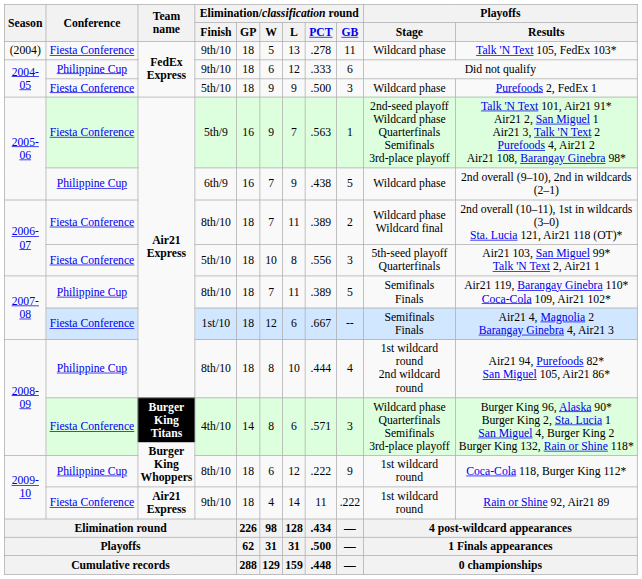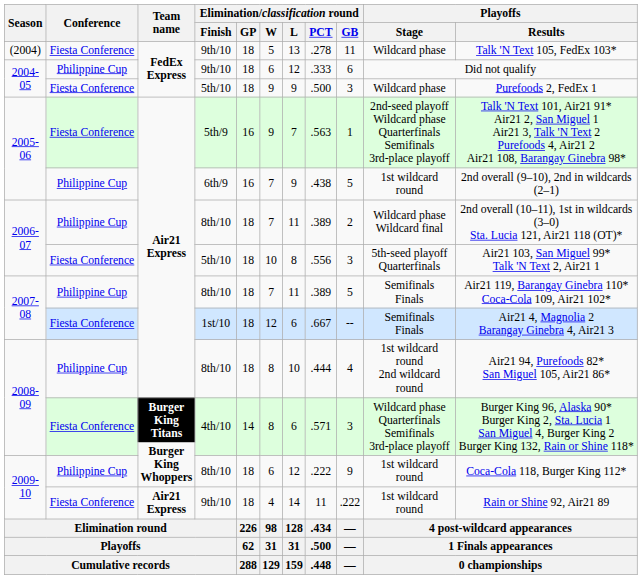 <table class=wikitable style="text-align:center;">
 <tr>
 <th width=50px rowspan=2>Season</th>
 <th width=120px rowspan=2>Conference</th>
 <th width=60px rowspan=2>Team name</th>
 <th colspan=6>Elimination/<em>classification</em> round</th>
 <th colspan=2>Playoffs</th>
 </tr>
 <tr>
 <th width=50px>Finish</th>
 <th width=20px>GP</th>
 <th width=20px>W</th>
 <th width=20px>L</th>
 <th width=35px><a href='#'>PCT</a></th>
 <th width=30px><a href='#'>GB</a></th>
 <th width=120px>Stage</th>
 <th width=250px>Results</th>
 </tr>
 <tr>
 <td>(2004)</td>
 <td><a href='#'>Fiesta Conference</a></td>
 <td rowspan=3><strong>FedEx Express</strong></td>
 <td>9th/10</td>
 <td>18</td>
 <td>5</td>
 <td>13</td>
 <td>.278</td>
 <td>11</td>
 <td>Wildcard phase</td>
 <td><a href='#'>Talk 'N Text</a> 105, FedEx 103*</td>
 </tr>
 <tr>
 <td rowspan=2><a href='#'>2004-05</a></td>
 <td><a href='#'>Philippine Cup</a></td>
 <td>9th/10</td>
 <td>18</td>
 <td>6</td>
 <td>12</td>
 <td>.333</td>
 <td>6</td>
 <td colspan=2>Did not qualify</td>
 </tr>
 <tr>
 <td><a href='#'>Fiesta Conference</a></td>
 <td>5th/10</td>
 <td>18</td>
 <td>9</td>
 <td>9</td>
 <td>.500</td>
 <td>3</td>
 <td>Wildcard phase</td>
 <td><a href='#'>Purefoods</a> 2, FedEx 1</td>
 </tr>
 <tr>
 <td rowspan=2><a href='#'>2005-06</a></td>
 <td bgcolor=#DDFFDD><a href='#'>Fiesta Conference</a></td>
 <td rowspan=7><strong>Air21 Express</strong></td>
 <td bgcolor=#DDFFDD>5th/9</td>
 <td bgcolor=#DDFFDD>16</td>
 <td bgcolor=#DDFFDD>9</td>
 <td bgcolor=#DDFFDD>7</td>
 <td bgcolor=#DDFFDD>.563</td>
 <td bgcolor=#DDFFDD>1</td>
 <td bgcolor=#DDFFDD>2nd-seed playoff<br>Wildcard phase<br>Quarterfinals<br>Semifinals<br>3rd-place playoff</td>
 <td bgcolor=#DDFFDD><a href='#'>Talk 'N Text</a> 101, Air21 91*<br>Air21 2, <a href='#'>San Miguel</a> 1<br>Air21 3, <a href='#'>Talk 'N Text</a> 2<br><a href='#'>Purefoods</a> 4, Air21 2<br>Air21 108, <a href='#'>Barangay Ginebra</a> 98*</td>
 </tr>
 <tr>
 <td><a href='#'>Philippine Cup</a></td>
 <td>6th/9</td>
 <td>16</td>
 <td>7</td>
 <td>9</td>
 <td>.438</td>
 <td>5</td>
-<td>Wildcard phase</td>
+<td>1st wildcard round</td>
 <td>2nd overall (9–10), 2nd in wildcards (2–1)</td>
 </tr>
 <tr>
 <td rowspan=2><a href='#'>2006-07</a></td>
-<td><a href='#'>Fiesta Conference</a></td>
+<td><a href='#'>Philippine Cup</a></td>
 <td>8th/10</td>
 <td>18</td>
 <td>7</td>
 <td>11</td>
 <td>.389</td>
 <td>2</td>
 <td>Wildcard phase<br>Wildcard final</td>
 <td>2nd overall (10–11), 1st in wildcards (3–0)<br><a href='#'>Sta. Lucia</a> 121, Air21 118 (OT)*</td>
 </tr>
 <tr>
 <td><a href='#'>Fiesta Conference</a></td>
 <td>5th/10</td>
 <td>18</td>
 <td>10</td>
 <td>8</td>
 <td>.556</td>
 <td>3</td>
 <td>5th-seed playoff<br>Quarterfinals</td>
 <td>Air21 103, <a href='#'>San Miguel</a> 99*<br><a href='#'>Talk 'N Text</a> 2, Air21 1</td>
 </tr>
 <tr>
 <td rowspan=2><a href='#'>2007-08</a></td>
 <td><a href='#'>Philippine Cup</a></td>
 <td>8th/10</td>
 <td>18</td>
 <td>7</td>
 <td>11</td>
 <td>.389</td>
 <td>5</td>
 <td>Semifinals<br>Finals</td>
 <td>Air21 119, <a href='#'>Barangay Ginebra</a> 110*<br><a href='#'>Coca-Cola</a> 109, Air21 102*</td>
 </tr>
 <tr bgcolor=#D0E7FF>
 <td><a href='#'>Fiesta Conference</a></td>
 <td>1st/10</td>
 <td>18</td>
 <td>12</td>
 <td>6</td>
 <td>.667</td>
 <td>--</td>
 <td>Semifinals<br>Finals</td>
 <td>Air21 4, <a href='#'>Magnolia</a> 2<br><a href='#'>Barangay Ginebra</a> 4, Air21 3</td>
 </tr>
 <tr>
 <td rowspan=3><a href='#'>2008-09</a></td>
 <td><a href='#'>Philippine Cup</a></td>
 <td>8th/10</td>
 <td>18</td>
 <td>8</td>
 <td>10</td>
 <td>.444</td>
 <td>4</td>
 <td>1st wildcard round<br>2nd wildcard round</td>
 <td>Air21 94, <a href='#'>Purefoods</a> 82*<br> <a href='#'>San Miguel</a> 105, Air21 86*</td>
 </tr>
 <tr>
 <td rowspan=2 bgcolor=#DDFFDD><a href='#'>Fiesta Conference</a></td>
 <td style="background:#000000; color:#FFFFFF; "><span><strong>Burger King Titans</strong></span></td>
 <td rowspan=2 bgcolor=#DDFFDD>4th/10</td>
 <td rowspan=2 bgcolor=#DDFFDD>14</td>
 <td rowspan=2 bgcolor=#DDFFDD>8</td>
 <td rowspan=2 bgcolor=#DDFFDD>6</td>
 <td rowspan=2 bgcolor=#DDFFDD>.571</td>
 <td rowspan=2 bgcolor=#DDFFDD>3</td>
 <td rowspan=2 bgcolor=#DDFFDD>Wildcard phase<br>Quarterfinals<br>Semifinals<br>3rd-place playoff</td>
 <td rowspan=2 bgcolor=#DDFFDD>Burger King 96, <a href='#'>Alaska</a> 90*<br>Burger King 2, <a href='#'>Sta. Lucia</a> 1<br><a href='#'>San Miguel</a> 4, Burger King 2<br>Burger King 132, <a href='#'>Rain or Shine</a> 118*</td>
 </tr>
 <tr>
 <td rowspan=2><strong>Burger King Whoppers</strong></td>
 </tr>
 <tr>
 <td rowspan=2><a href='#'>2009-10</a></td>
 <td><a href='#'>Philippine Cup</a></td>
 <td>8th/10</td>
 <td>18</td>
 <td>6</td>
 <td>12</td>
 <td>.222</td>
 <td>9</td>
 <td>1st wildcard round</td>
 <td><a href='#'>Coca-Cola</a> 118, Burger King 112*</td>
 </tr>
 <tr>
 <td><a href='#'>Fiesta Conference</a></td>
 <td><strong>Air21 Express</strong></td>
 <td>9th/10</td>
 <td>18</td>
 <td>4</td>
 <td>14</td>
 <td>11</td>
 <td>.222</td>
 <td>1st wildcard round</td>
 <td><a href='#'>Rain or Shine</a> 92, Air21 89</td>
 </tr>
 <tr>
 <th colspan=4>Elimination round</th>
 <th>226</th>
 <th>98</th>
 <th>128</th>
 <th>.434</th>
 <th>—</th>
 <th colspan=2>4 post-wildcard appearances</th>
 </tr>
 <tr>
 <th colspan=4>Playoffs</th>
 <th>62</th>
 <th>31</th>
 <th>31</th>
 <th>.500</th>
 <th>—</th>
 <th colspan=2>1 Finals appearances</th>
 </tr>
 <tr>
 <th colspan=4>Cumulative records</th>
 <th>288</th>
 <th>129</th>
 <th>159</th>
 <th>.448</th>
 <th>—</th>
 <th colspan=2>0 championships</th>
 </tr>
 </table>
